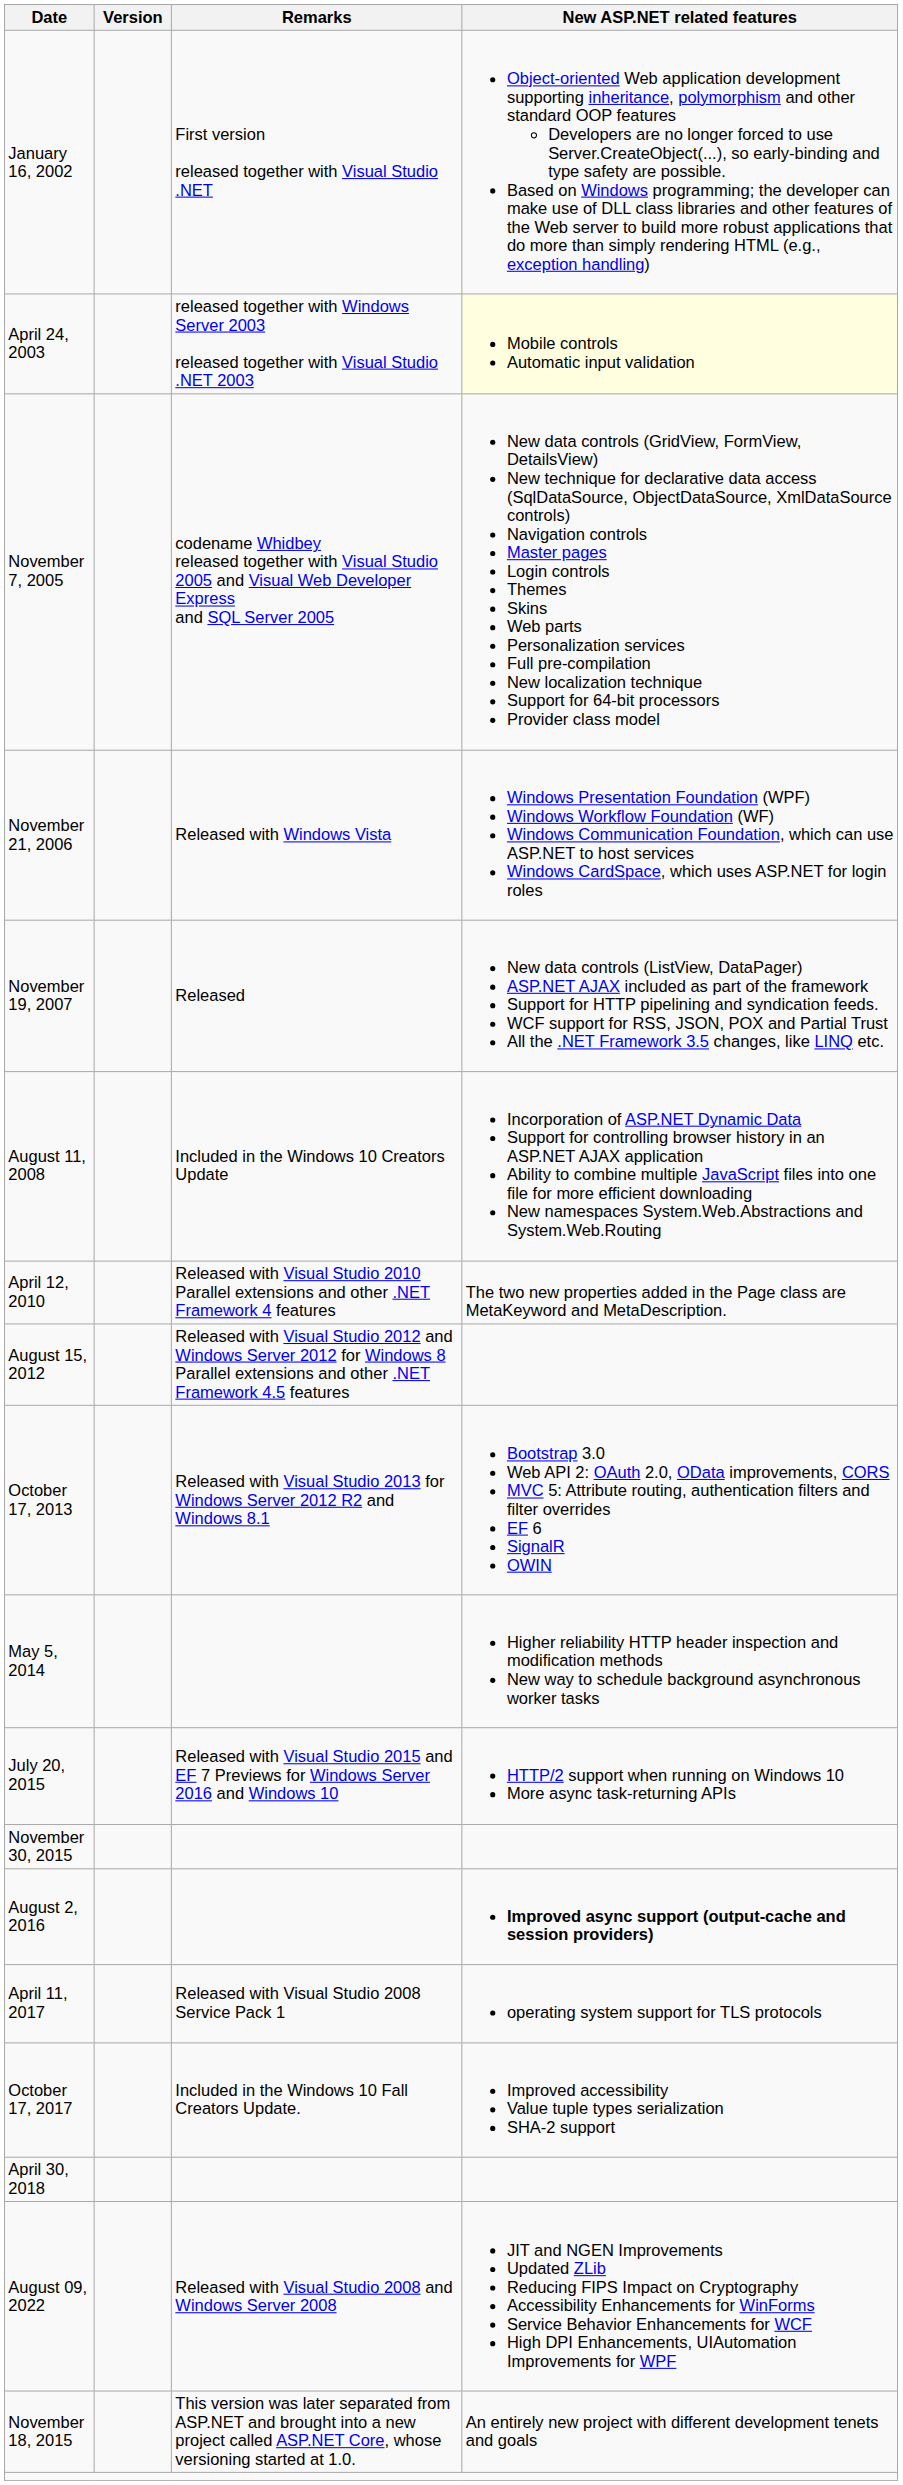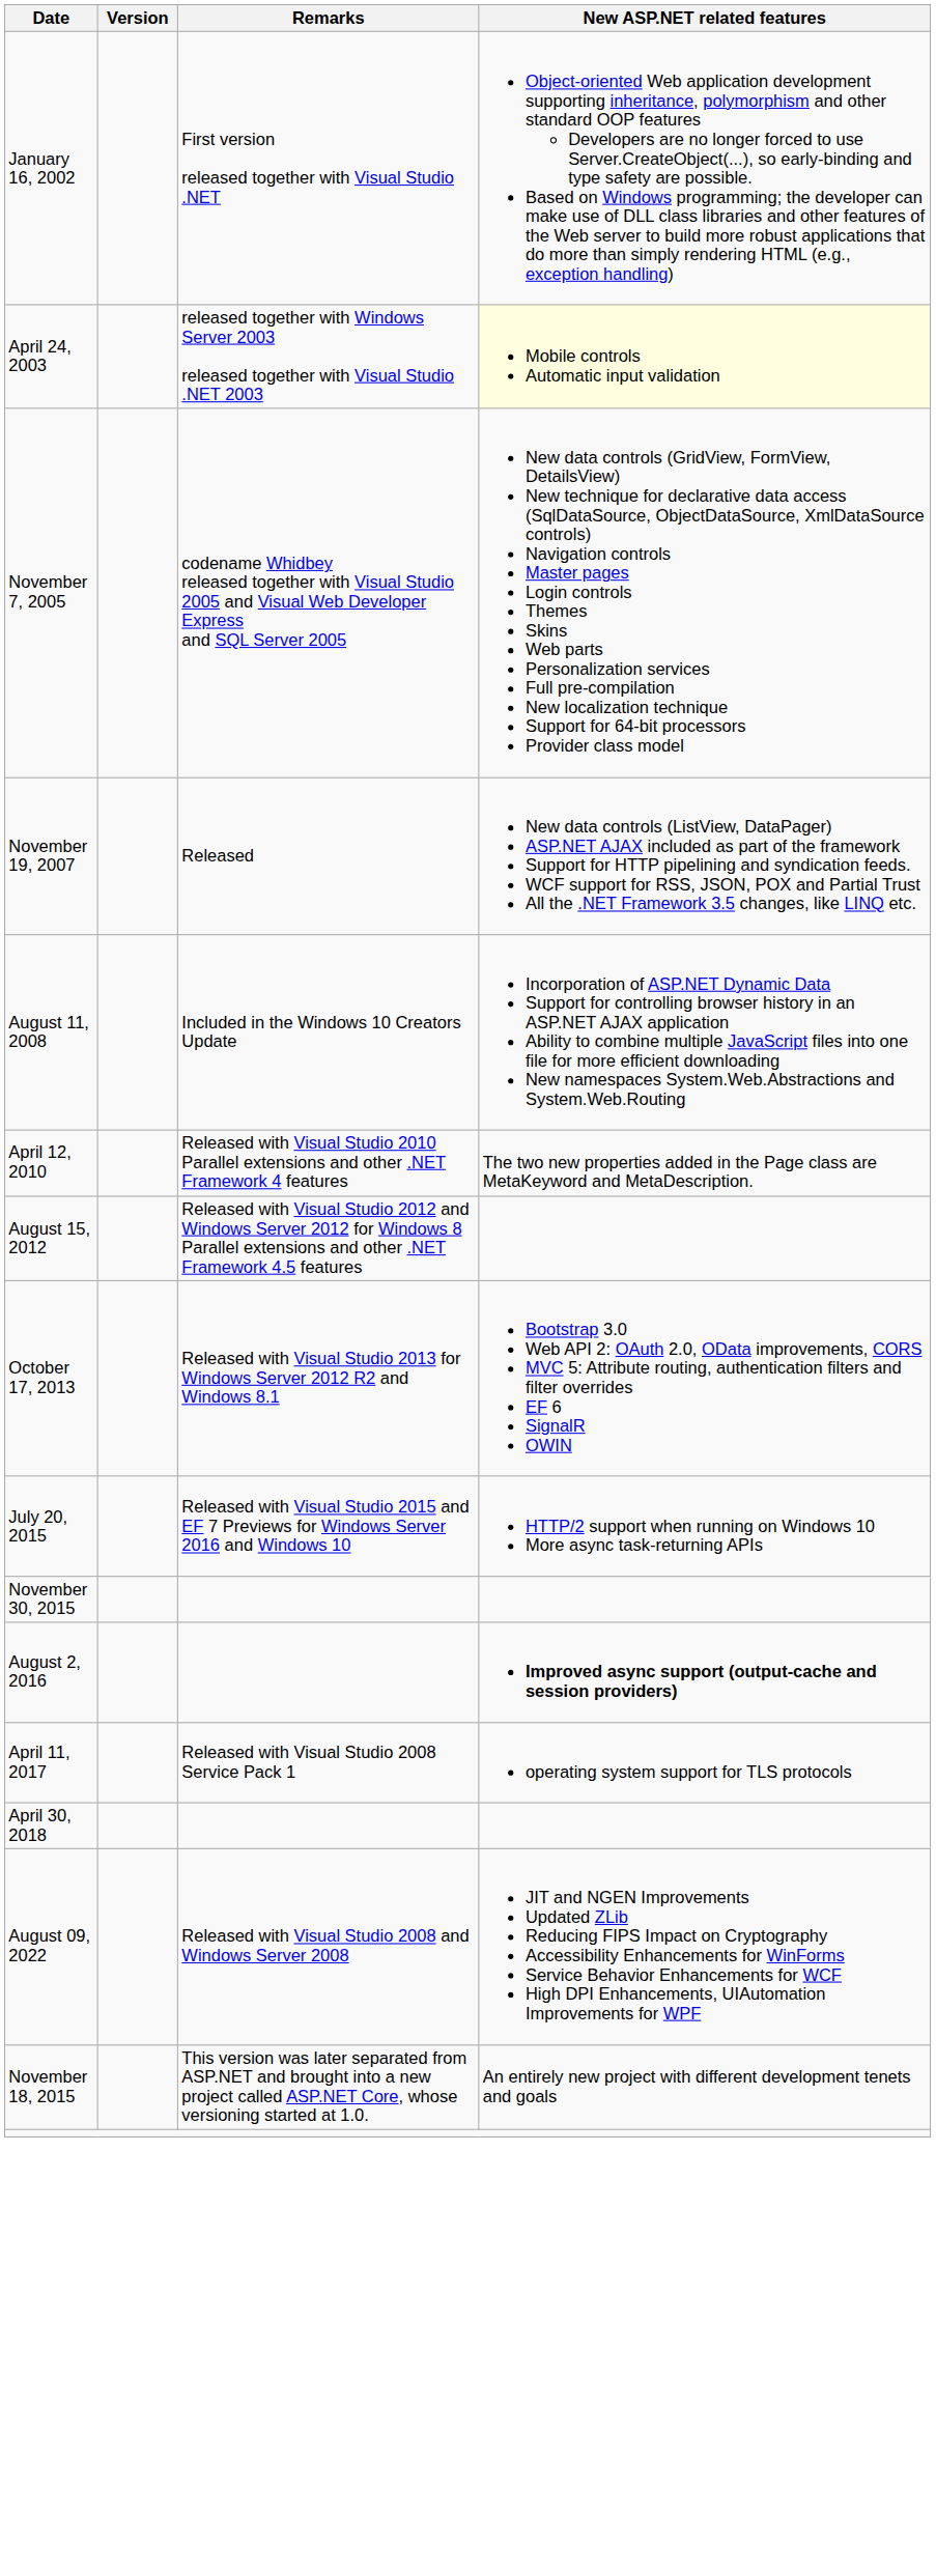 <table class="wikitable sortable">
 <tr>
 <th style="width:8%">Date</th>
 <th style="width:8%">Version</th>
 <th class="unsortable" style="width:30%">Remarks</th>
 <th class="unsortable" style="width:45%">New ASP.NET related features</th>
 </tr>
 <tr>
 <td>January 16, 2002</td>
 <td></td>
 <td>First version<br><br>released together with <a href='#'>Visual Studio .NET</a></td>
 <td><br><ul><li><a href='#'>Object-oriented</a> Web application development supporting <a href='#'>inheritance</a>, <a href='#'>polymorphism</a> and other standard OOP features<ul><li>Developers are no longer forced to use Server.CreateObject(...), so early-binding and type safety are possible.</li></ul></li><li>Based on <a href='#'>Windows</a> programming;  the developer can make use of DLL class libraries and other features of the Web server to build more robust applications that do more than simply rendering HTML (e.g., <a href='#'>exception handling</a>)</li></ul></td>
 </tr>
 <tr>
 <td>April 24, 2003</td>
 <td></td>
 <td>released together with <a href='#'>Windows Server 2003</a><br><br>released together with <a href='#'>Visual Studio .NET 2003</a></td>
 <td style="background: lightyellow;"><br><ul><li>Mobile controls</li><li>Automatic input validation</li></ul></td>
 </tr>
 <tr>
 <td>November 7, 2005</td>
 <td></td>
 <td><br>codename <a href='#'>Whidbey</a><br> released together with <a href='#'>Visual Studio 2005</a> and <a href='#'>Visual Web Developer Express</a><br> and <a href='#'>SQL Server 2005</a></td>
 <td><br><ul><li>New data controls (GridView, FormView, DetailsView)</li><li>New technique for declarative data access (SqlDataSource, ObjectDataSource, XmlDataSource controls)</li><li>Navigation controls</li><li><a href='#'>Master pages</a></li><li>Login controls</li><li>Themes</li><li>Skins</li><li>Web parts</li><li>Personalization services</li><li>Full pre-compilation</li><li>New localization technique</li><li>Support for 64-bit processors</li><li>Provider class model</li></ul></td>
-</tr>
-<tr>
-<td>November 21, 2006</td>
-<td></td>
-<td>Released with <a href='#'>Windows Vista</a></td>
-<td><br><ul><li><a href='#'>Windows Presentation Foundation</a> (WPF)</li><li><a href='#'>Windows Workflow Foundation</a> (WF)</li><li><a href='#'>Windows Communication Foundation</a>, which can use ASP.NET to host services</li><li><a href='#'>Windows CardSpace</a>, which uses ASP.NET for login roles</li></ul></td>
 </tr>
 <tr>
 <td>November 19, 2007</td>
 <td></td>
 <td>Released</td>
 <td><br><ul><li>New data controls (ListView, DataPager)</li><li><a href='#'>ASP.NET AJAX</a> included as part of the framework</li><li>Support for HTTP pipelining and syndication feeds.</li><li>WCF support for RSS, JSON, POX and Partial Trust</li><li>All the <a href='#'>.NET Framework 3.5</a> changes, like <a href='#'>LINQ</a> etc.</li></ul></td>
 </tr>
 <tr>
 <td>August 11, 2008</td>
 <td></td>
 <td>Included in the Windows 10 Creators Update</td>
 <td><br><ul><li>Incorporation of <a href='#'>ASP.NET Dynamic Data</a></li><li>Support for controlling browser history in an ASP.NET AJAX application</li><li>Ability to combine multiple <a href='#'>JavaScript</a> files into one file for more efficient downloading</li><li>New namespaces System.Web.Abstractions and System.Web.Routing</li></ul></td>
 </tr>
 <tr>
 <td>April 12, 2010</td>
 <td></td>
 <td>Released with <a href='#'>Visual Studio 2010</a><br>Parallel extensions and other <a href='#'>.NET Framework 4</a> features</td>
 <td><br>The two new properties added in the Page class are MetaKeyword and MetaDescription.</td>
 </tr>
 <tr>
 <td>August 15, 2012</td>
 <td></td>
 <td>Released with <a href='#'>Visual Studio 2012</a> and <a href='#'>Windows Server 2012</a> for <a href='#'>Windows 8</a><br>Parallel extensions and other <a href='#'>.NET Framework 4.5</a> features</td>
 <td></td>
 </tr>
 <tr>
 <td>October 17, 2013</td>
 <td></td>
 <td>Released with <a href='#'>Visual Studio 2013</a> for <a href='#'>Windows Server 2012 R2</a> and <a href='#'>Windows 8.1</a></td>
 <td><br><ul><li><a href='#'>Bootstrap</a> 3.0</li><li>Web API 2: <a href='#'>OAuth</a> 2.0, <a href='#'>OData</a> improvements, <a href='#'>CORS</a></li><li><a href='#'>MVC</a> 5: Attribute routing, authentication filters and filter overrides</li><li><a href='#'>EF</a> 6</li><li><a href='#'>SignalR</a></li><li><a href='#'>OWIN</a></li></ul></td>
 </tr>
 <tr>
-<td>May 5, 2014</td>
-<td></td>
-<td></td>
-<td><br><ul><li>Higher reliability HTTP header inspection and modification methods</li><li>New way to schedule background asynchronous worker tasks</li></ul></td>
-</tr>
-<tr>
 <td>July 20, 2015</td>
 <td></td>
 <td>Released with <a href='#'>Visual Studio 2015</a> and <a href='#'>EF</a> 7 Previews for <a href='#'>Windows Server 2016</a> and <a href='#'>Windows 10</a></td>
 <td><br><ul><li><a href='#'>HTTP/2</a> support when running on Windows 10</li><li>More async task-returning APIs</li></ul></td>
 </tr>
 <tr>
 <td>November 30, 2015</td>
 <td></td>
 <td></td>
 <td></td>
 </tr>
 <tr>
 <td>August 2, 2016</td>
 <td></td>
 <td></td>
 <td><strong><br><ul><li>Improved async support (output-cache and session providers)</li></ul></strong></td>
 </tr>
 <tr>
 <td>April 11, 2017</td>
 <td></td>
 <td>Released with Visual Studio 2008 Service Pack 1</td>
 <td><br><ul><li>operating system support for TLS protocols</li></ul></td>
 </tr>
 <tr>
-<td>October 17, 2017</td>
-<td></td>
-<td>Included in the Windows 10 Fall Creators Update.</td>
-<td><br><ul><li>Improved accessibility</li><li>Value tuple types serialization</li><li>SHA-2 support</li></ul></td>
-</tr>
-<tr>
 <td>April 30, 2018</td>
 <td></td>
 <td></td>
 </tr>
 <tr>
 <td>August 09, 2022</td>
 <td></td>
 <td>Released with <a href='#'>Visual Studio 2008</a> and <a href='#'>Windows Server 2008</a></td>
 <td><br><ul><li>JIT and NGEN Improvements</li><li>Updated <a href='#'>ZLib</a></li><li>Reducing FIPS Impact on Cryptography</li><li>Accessibility Enhancements for <a href='#'>WinForms</a></li><li>Service Behavior Enhancements for <a href='#'>WCF</a></li><li>High DPI Enhancements, UIAutomation Improvements for <a href='#'>WPF</a></li></ul></td>
 </tr>
 <tr>
 <td>November 18, 2015</td>
 <td></td>
 <td>This version was later separated from ASP.NET and brought into a new project called <a href='#'>ASP.NET Core</a>, whose versioning started at 1.0.</td>
 <td>An entirely new project with different development tenets and goals</td>
 </tr>
 <tr class="sortbottom">
 <td colspan="4"></td>
 </tr>
 </table>
